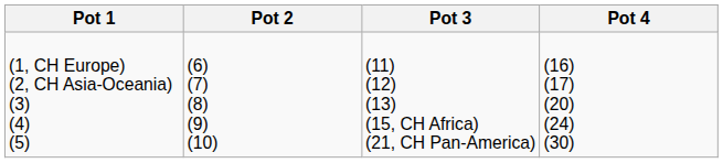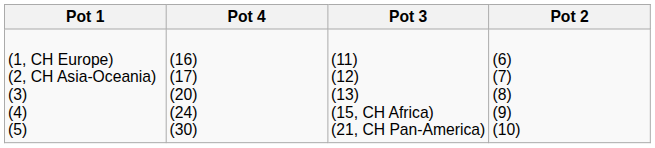 <table class="wikitable">
 <tr>
 <th width=25%>Pot 1</th>
+<th width=25%>Pot 4</th>
+<th width=25%>Pot 3</th>
 <th width=25%>Pot 2</th>
-<th width=25%>Pot 3</th>
-<th width=25%>Pot 4</th>
 </tr>
 <tr>
 <td><br> (1, CH Europe)<br>  (2, CH Asia-Oceania)<br>  (3)<br>  (4)<br>  (5)<br></td>
+<td><br> (16)<br>  (17)<br>  (20)<br>  (24)<br>  (30)<br></td>
+<td><br> (11)<br>  (12)<br>  (13)<br>  (15, CH Africa)<br>  (21, CH Pan-America)<br></td>
 <td><br> (6)<br>  (7)<br>  (8)<br>  (9)<br>  (10)<br></td>
-<td><br> (11)<br>  (12)<br>  (13)<br>  (15, CH Africa)<br>  (21, CH Pan-America)<br></td>
-<td><br> (16)<br>  (17)<br>  (20)<br>  (24)<br>  (30)<br></td>
 </tr>
 </table>
